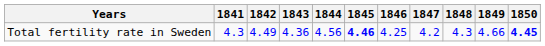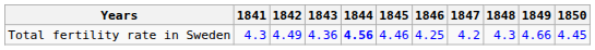 <table class="wikitable " style="text-align:right">
 <tr>
 <th>Years</th>
 <th>1841</th>
 <th>1842</th>
 <th>1843</th>
 <th>1844</th>
 <th>1845</th>
 <th>1846</th>
 <th>1847</th>
 <th>1848</th>
 <th>1849</th>
 <th>1850</th>
 </tr>
 <tr>
 <td style="text-align:left;">Total fertility rate in Sweden</td>
 <td style="text-align:right; color:blue;">4.3</td>
 <td style="text-align:right; color:blue;">4.49</td>
 <td style="text-align:right; color:blue;">4.36</td>
-<td style="text-align:right; color:blue;">4.56</td>
-<td style="text-align:right; color:blue;"><strong>4.46</strong></td>
+<td style="text-align:right; color:blue;"><strong>4.56</strong></td>
+<td style="text-align:right; color:blue;">4.46</td>
 <td style="text-align:right; color:blue;">4.25</td>
 <td style="text-align:right; color:blue;">4.2</td>
 <td style="text-align:right; color:blue;">4.3</td>
 <td style="text-align:right; color:blue;">4.66</td>
-<td style="text-align:right; color:blue;"><strong>4.45</strong></td>
+<td style="text-align:right; color:blue;">4.45</td>
 </tr>
 </table>
